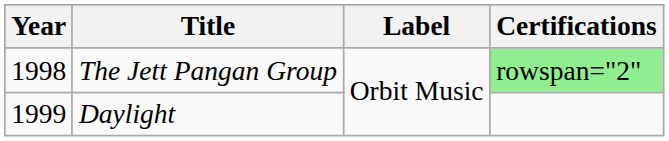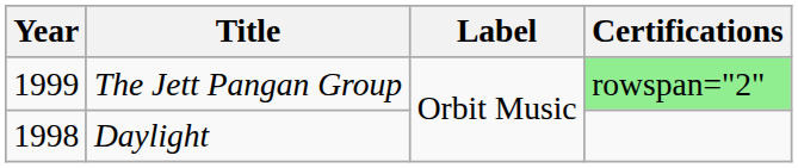 <table class="wikitable">
 <tr>
 <th><strong>Year</strong></th>
 <th><strong>Title</strong></th>
 <th><strong>Label</strong></th>
 <th><strong>Certifications</strong></th>
 </tr>
 <tr>
-<td>1998</td>
+<td>1999</td>
 <td><em>The Jett Pangan Group</em></td>
 <td rowspan="2">Orbit Music</td>
 <td style="background: lightgreen;">rowspan="2" </td>
 </tr>
 <tr>
-<td>1999</td>
+<td>1998</td>
 <td><em>Daylight</em></td>
 </tr>
 </table>
